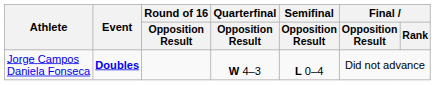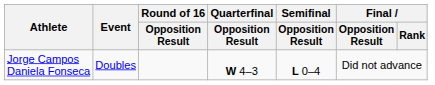 <table class=wikitable style=font-size:90%;text-align:center>
 <tr>
 <th rowspan=2>Athlete</th>
 <th rowspan=2>Event</th>
 <th>Round of 16</th>
 <th>Quarterfinal</th>
 <th>Semifinal</th>
 <th colspan=2>Final / </th>
 </tr>
 <tr style=font-size:95%>
 <th>Opposition<br>Result</th>
 <th>Opposition<br>Result</th>
 <th>Opposition<br>Result</th>
 <th>Opposition<br>Result</th>
 <th>Rank</th>
 </tr>
 <tr>
 <td align=left><a href='#'>Jorge Campos</a><br><a href='#'>Daniela Fonseca</a></td>
-<td align=left><strong><a href='#'>Doubles</a></strong></td>
+<td align=left><a href='#'>Doubles</a></td>
 <td></td>
 <td><br><strong>W</strong> 4–3</td>
 <td><br><strong>L</strong> 0–4</td>
 <td colspan=3>Did not advance</td>
 </tr>
 </table>
